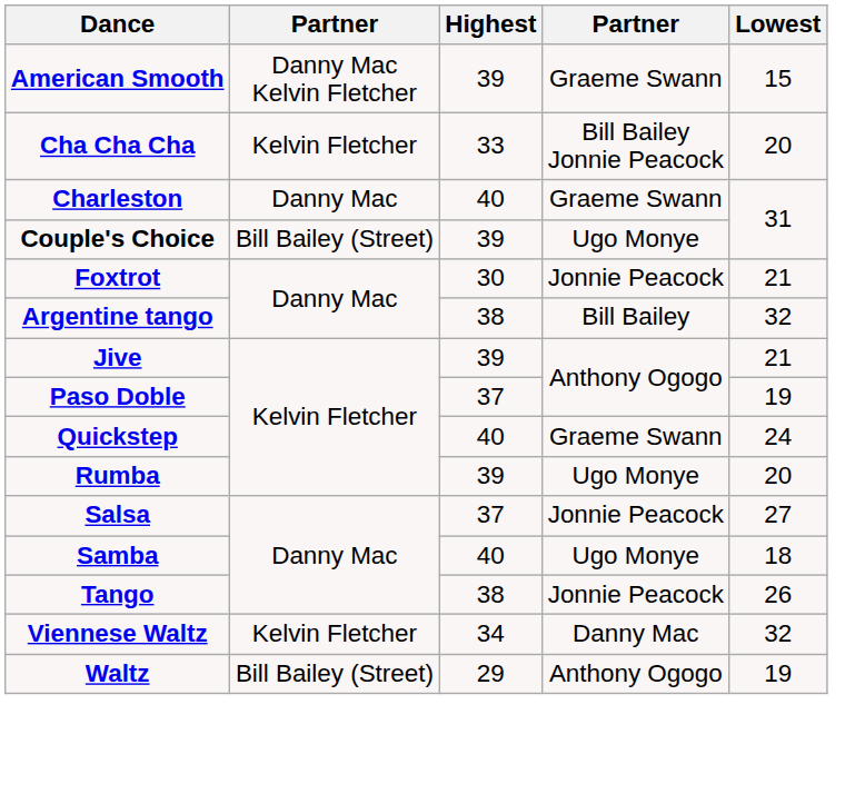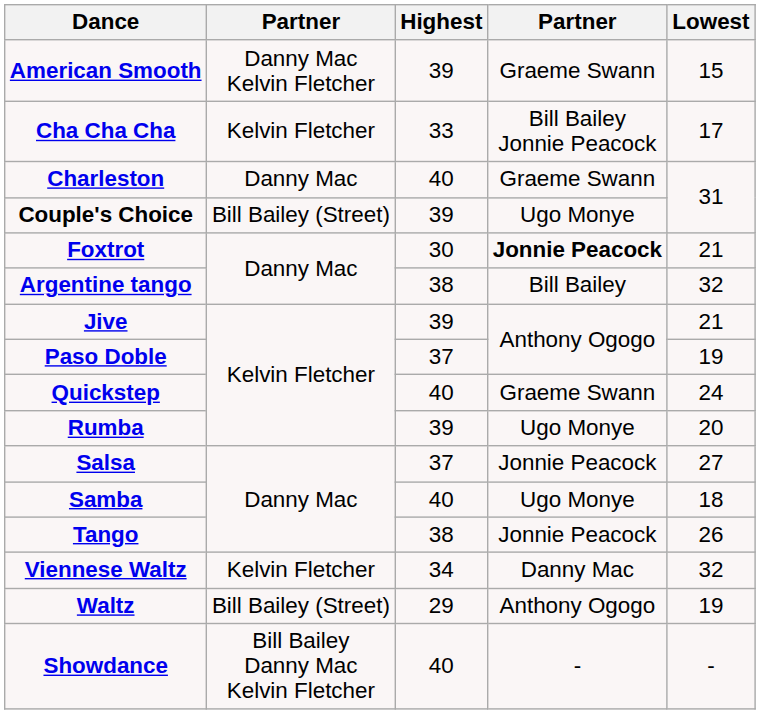 <table class="wikitable sortable collapsed">
 <tr style="text-align:Center; background:#cc;">
 <th>Dance</th>
 <th>Partner</th>
 <th>Highest</th>
 <th>Partner</th>
 <th>Lowest</th>
 </tr>
 <tr style="text-align: center; background:#faf6f6;#">
 <td><strong><a href='#'>American Smooth</a></strong></td>
 <td>Danny Mac<br>Kelvin Fletcher</td>
 <td>39</td>
 <td>Graeme Swann</td>
 <td>15</td>
 </tr>
 <tr style="text-align: center; background:#faf6f6;">
 <td><strong><a href='#'>Cha Cha Cha</a></strong></td>
 <td>Kelvin Fletcher</td>
 <td>33</td>
 <td>Bill Bailey<br>Jonnie Peacock</td>
-<td>20</td>
+<td>17</td>
 </tr>
 <tr style="text-align: center; background:#faf6f6;">
 <td><strong><a href='#'>Charleston</a></strong></td>
 <td>Danny Mac</td>
 <td>40</td>
 <td>Graeme Swann</td>
 <td rowspan="2">31</td>
 </tr>
 <tr style="text-align: center; background:#faf6f6;">
 <td><strong>Couple's Choice</strong></td>
 <td>Bill Bailey (Street)</td>
 <td>39</td>
 <td>Ugo Monye</td>
 </tr>
 <tr style="text-align: center; background:#faf6f6;">
 <td><strong><a href='#'>Foxtrot</a></strong></td>
 <td rowspan="2">Danny Mac</td>
 <td>30</td>
-<td>Jonnie Peacock</td>
+<td><strong>Jonnie Peacock</strong></td>
 <td>21</td>
 </tr>
 <tr style="text-align: center; background:#faf6f6;">
 <td><strong><a href='#'>Argentine tango</a></strong></td>
 <td>38</td>
 <td>Bill Bailey</td>
 <td>32</td>
 </tr>
 <tr style="text-align: center; background:#faf6f6;">
 <td><strong><a href='#'>Jive</a></strong></td>
 <td rowspan="4">Kelvin Fletcher</td>
 <td>39</td>
 <td rowspan="2">Anthony Ogogo</td>
 <td>21</td>
 </tr>
 <tr style="text-align: center; background:#faf6f6;">
 <td><strong><a href='#'>Paso Doble</a></strong></td>
 <td>37</td>
 <td>19</td>
 </tr>
 <tr style="text-align: center; background:#faf6f6;">
 <td><strong><a href='#'>Quickstep</a></strong></td>
 <td>40</td>
 <td>Graeme Swann</td>
 <td>24</td>
 </tr>
 <tr style="text-align: center; background:#faf6f6;">
 <td><strong><a href='#'>Rumba</a></strong></td>
 <td>39</td>
 <td>Ugo Monye</td>
 <td>20</td>
 </tr>
 <tr style="text-align: center; background:#faf6f6;">
 <td><strong><a href='#'>Salsa</a></strong></td>
 <td rowspan="3">Danny Mac</td>
 <td>37</td>
 <td>Jonnie Peacock</td>
 <td>27</td>
 </tr>
 <tr style="text-align: center; background:#faf6f6;">
 <td><strong><a href='#'>Samba</a></strong></td>
 <td>40</td>
 <td>Ugo Monye</td>
 <td>18</td>
 </tr>
 <tr style="text-align: center; background:#faf6f6;">
 <td><strong><a href='#'>Tango</a></strong></td>
 <td>38</td>
 <td>Jonnie Peacock</td>
 <td>26</td>
 </tr>
 <tr style="text-align: center; background:#faf6f6;">
 <td><strong><a href='#'>Viennese Waltz</a></strong></td>
 <td>Kelvin Fletcher</td>
 <td>34</td>
 <td>Danny Mac</td>
 <td>32</td>
 </tr>
 <tr style="text-align: center; background:#faf6f6;">
 <td><strong><a href='#'>Waltz</a></strong></td>
 <td>Bill Bailey (Street)</td>
 <td>29</td>
 <td>Anthony Ogogo</td>
 <td>19</td>
 </tr>
+<tr style="text-align: center; background:#faf6f6;">
+<td><strong><a href='#'>Showdance</a></strong></td>
+<td>Bill Bailey<br>Danny Mac<br>Kelvin Fletcher</td>
+<td>40</td>
+<td>-</td>
+<td>-</td>
+</tr>
 </table>
